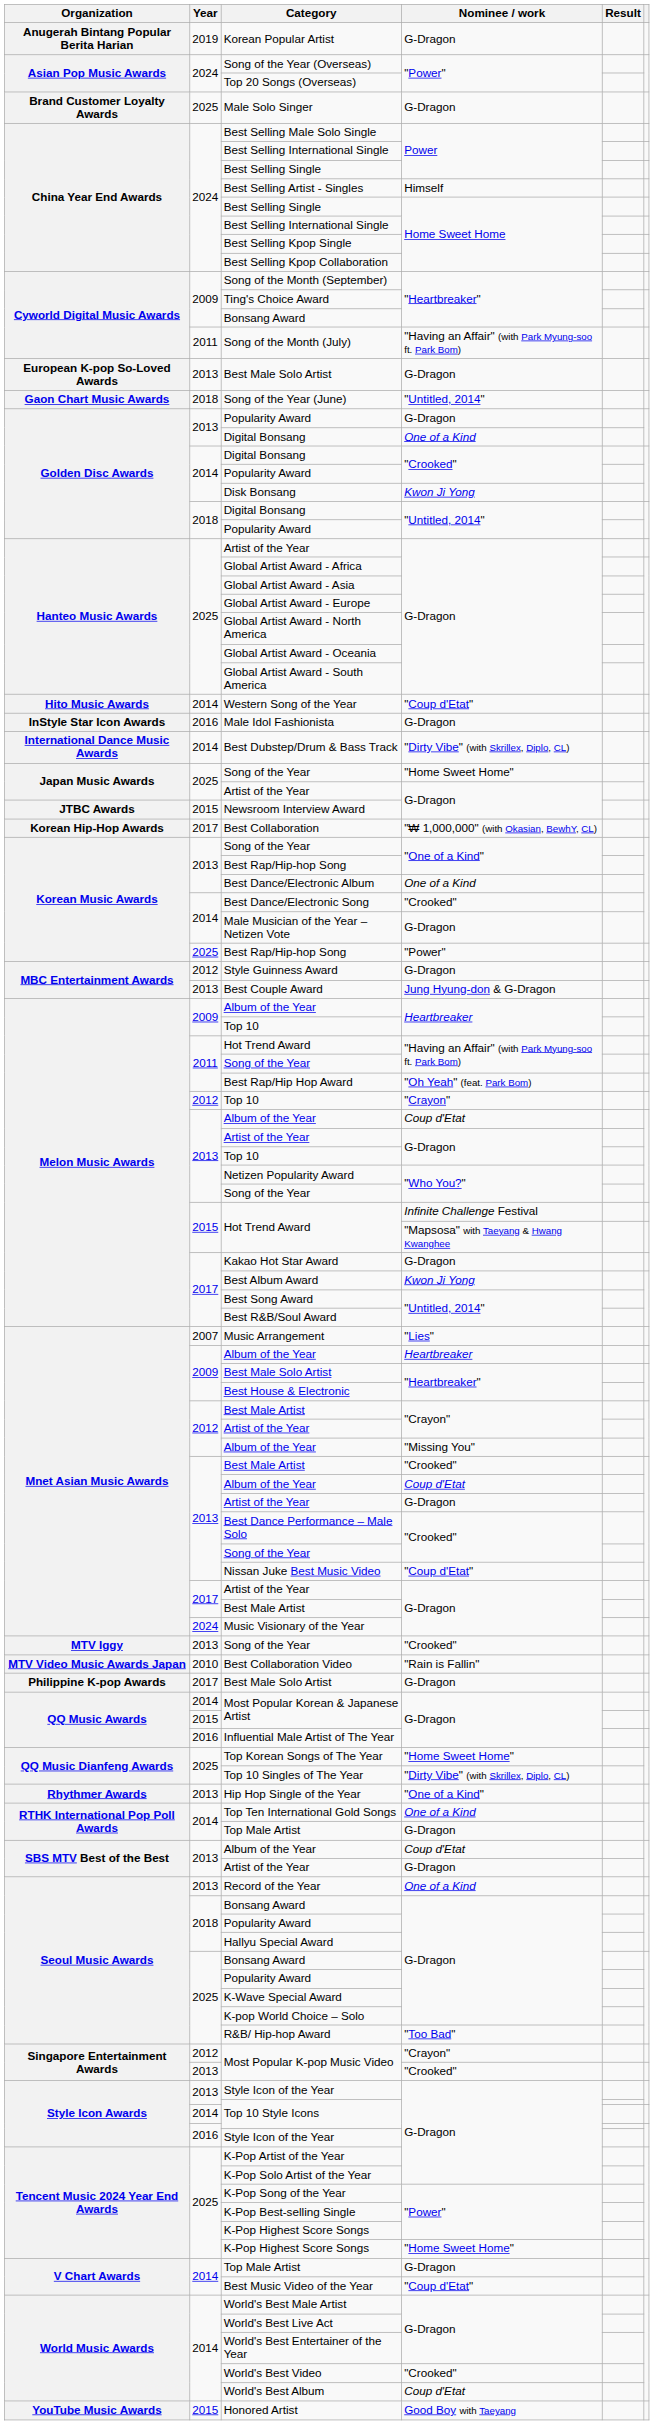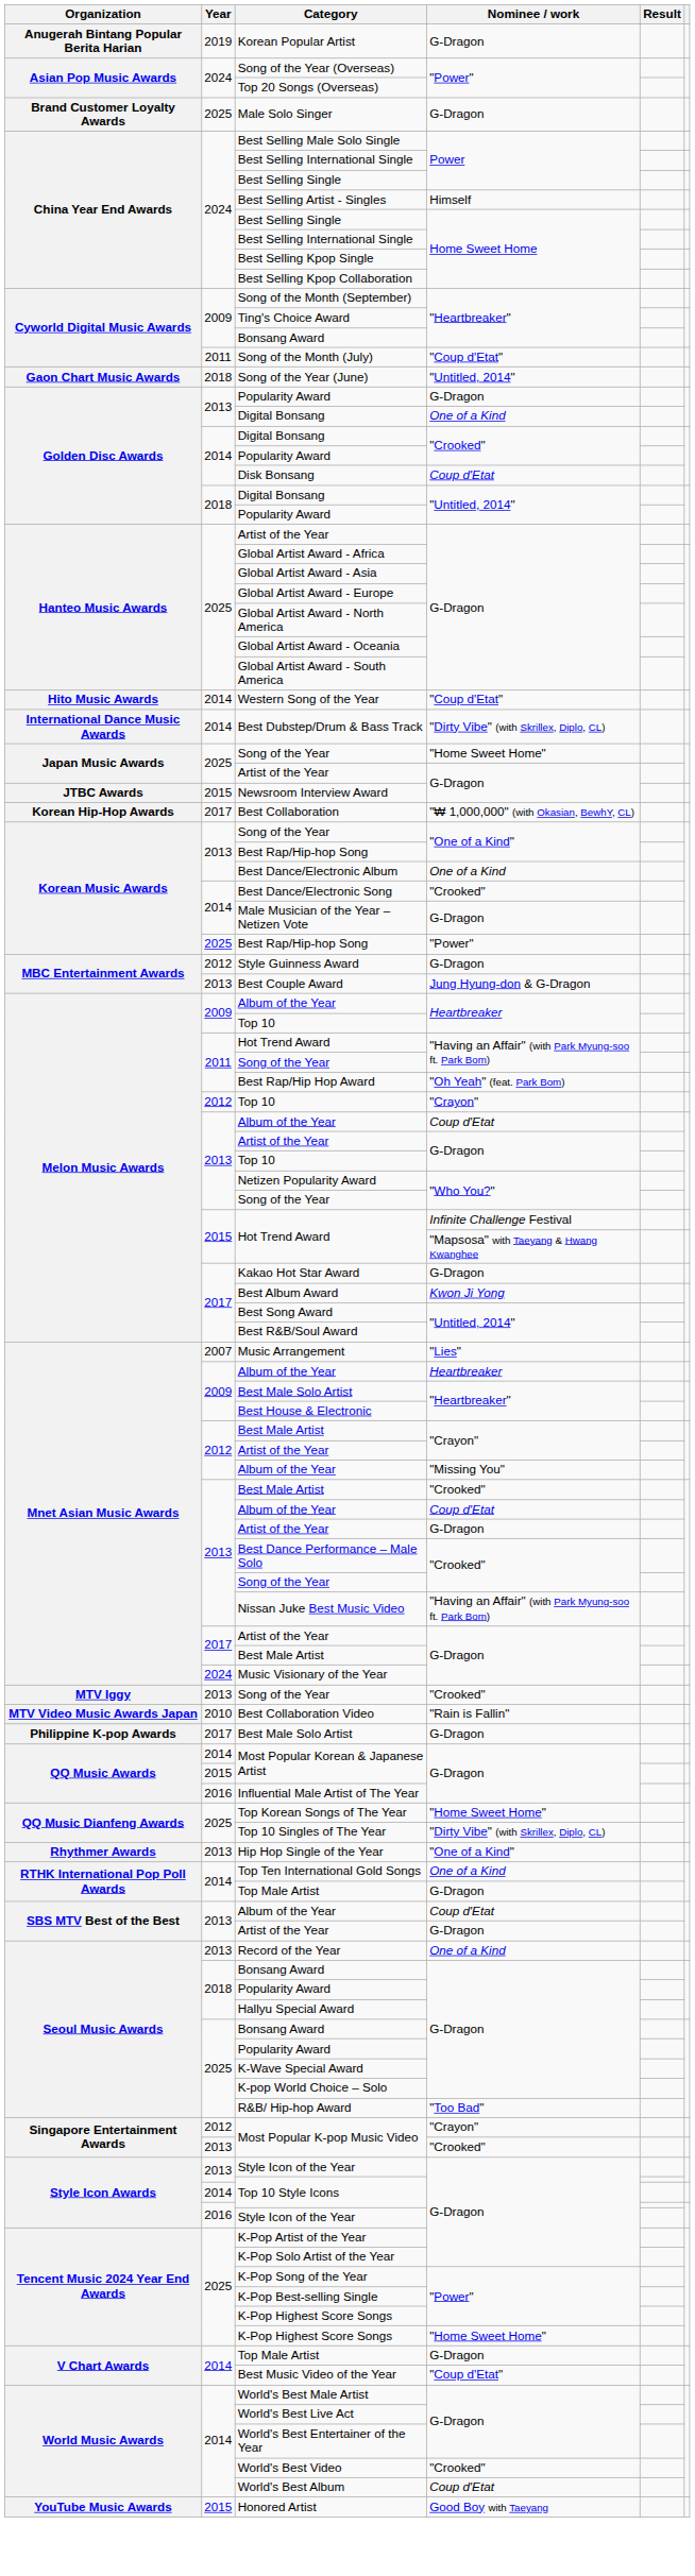 <table class="sortable wikitable plainrowheaders" width="100%">
 <tr>
 <th scope="col">Organization</th>
 <th scope="col">Year</th>
 <th scope="col">Category</th>
 <th scope="col">Nominee / work</th>
 <th scope="col">Result</th>
 <th scope="col" class="unsortable"></th>
 </tr>
 <tr>
 <th scope="row">Anugerah Bintang Popular Berita Harian</th>
 <td align="center">2019</td>
 <td>Korean Popular Artist</td>
 <td>G-Dragon</td>
 <td></td>
 <td></td>
 </tr>
 <tr>
 <th scope="row" rowspan="2"><a href='#'>Asian Pop Music Awards</a></th>
 <td align="center" rowspan="2">2024</td>
 <td>Song of the Year (Overseas)</td>
 <td rowspan="2">"<a href='#'>Power</a>"</td>
 <td></td>
 <td align="center" rowspan="2"></td>
 </tr>
 <tr>
 <td>Top 20 Songs (Overseas)</td>
 <td></td>
 </tr>
 <tr>
 <th scope="row">Brand Customer Loyalty Awards</th>
 <td align="center">2025</td>
 <td>Male Solo Singer</td>
 <td>G-Dragon</td>
 <td></td>
 <td align="center"></td>
 </tr>
 <tr>
 <th rowspan="8" scope="row">China Year End Awards</th>
 <td align="center" rowspan="8">2024</td>
 <td>Best Selling Male Solo Single</td>
 <td rowspan="3"><a href='#'>Power</a></td>
 <td></td>
 <td></td>
 </tr>
 <tr>
 <td>Best Selling International Single</td>
 <td></td>
 <td></td>
 </tr>
 <tr>
 <td>Best Selling Single</td>
 <td></td>
 <td></td>
 </tr>
 <tr>
 <td>Best Selling Artist - Singles</td>
 <td>Himself</td>
 <td></td>
 <td></td>
 </tr>
 <tr>
 <td>Best Selling Single</td>
 <td rowspan="4"><a href='#'>Home Sweet Home</a></td>
 <td></td>
 <td></td>
 </tr>
 <tr>
 <td>Best Selling International Single</td>
 <td></td>
 <td></td>
 </tr>
 <tr>
 <td>Best Selling Kpop Single</td>
 <td></td>
 <td></td>
 </tr>
 <tr>
 <td>Best Selling Kpop Collaboration</td>
 <td></td>
 <td></td>
 </tr>
 <tr>
 <th rowspan="4" scope="row"><a href='#'>Cyworld Digital Music Awards</a></th>
 <td align="center" rowspan="3">2009</td>
 <td>Song of the Month (September)</td>
 <td rowspan="3">"<a href='#'>Heartbreaker</a>"</td>
 <td></td>
 <td></td>
 </tr>
 <tr>
 <td>Ting's Choice Award</td>
 <td></td>
 <td align="center" rowspan="2"></td>
 </tr>
 <tr>
 <td>Bonsang Award</td>
 <td></td>
 </tr>
 <tr>
 <td align="center">2011</td>
 <td>Song of the Month (July)</td>
-<td>"Having an Affair" <small>(with <a href='#'>Park Myung-soo</a> ft. <a href='#'>Park Bom</a>)</small></td>
-<td></td>
-<td align="center"></td>
-</tr>
-<tr>
-<th scope="row">European K-pop So-Loved Awards</th>
-<td align="center">2013</td>
-<td>Best Male Solo Artist</td>
-<td>G-Dragon</td>
+<td rowspan="1">"<a href='#'>Coup d'Etat</a>"</td>
 <td></td>
 <td align="center"></td>
 </tr>
 <tr>
 <th scope="row"><a href='#'>Gaon Chart Music Awards</a></th>
 <td align="center">2018</td>
 <td>Song of the Year (June)</td>
 <td>"<a href='#'>Untitled, 2014</a>"</td>
 <td></td>
 <td style="text-align:center"></td>
 </tr>
 <tr>
 <th scope="row" rowspan="7"><a href='#'>Golden Disc Awards</a></th>
 <td align="center" rowspan="2">2013</td>
 <td>Popularity Award</td>
 <td>G-Dragon</td>
 <td></td>
 <td align="center" rowspan="2"></td>
 </tr>
 <tr>
 <td>Digital Bonsang</td>
 <td><a href='#'><em>One of a Kind</em></a></td>
 <td></td>
 </tr>
 <tr>
 <td align="center" rowspan="3">2014</td>
 <td>Digital Bonsang</td>
 <td rowspan="2">"<a href='#'>Crooked</a>"</td>
 <td></td>
 <td align="center" rowspan="3"></td>
 </tr>
 <tr>
 <td>Popularity Award</td>
 <td></td>
 </tr>
 <tr>
 <td>Disk Bonsang</td>
-<td><em><a href='#'>Kwon Ji Yong</a></em></td>
+<td><em><a href='#'>Coup d'Etat</a></em></td>
 <td></td>
 </tr>
 <tr>
 <td align="center" rowspan="2">2018</td>
 <td>Digital Bonsang</td>
 <td rowspan="2">"<a href='#'>Untitled, 2014</a>"</td>
 <td></td>
 <td align="center" rowspan="2"></td>
 </tr>
 <tr>
 <td>Popularity Award</td>
 <td></td>
 </tr>
 <tr>
 <th scope="row" rowspan="7"><a href='#'>Hanteo Music Awards</a></th>
 <td style="text-align:center" rowspan="7">2025</td>
 <td>Artist of the Year</td>
 <td rowspan="7">G-Dragon</td>
 <td></td>
 <td style="text-align:center"></td>
 </tr>
 <tr>
 <td>Global Artist Award - Africa</td>
 <td></td>
 </tr>
 <tr>
 <td>Global Artist Award - Asia</td>
 <td></td>
 </tr>
 <tr>
 <td>Global Artist Award - Europe</td>
 <td></td>
 </tr>
 <tr>
 <td>Global Artist Award - North America</td>
 <td></td>
 </tr>
 <tr>
 <td>Global Artist Award - Oceania</td>
 <td></td>
 </tr>
 <tr>
 <td>Global Artist Award - South America</td>
 <td></td>
 </tr>
 <tr>
 <th scope="row"><a href='#'>Hito Music Awards</a></th>
 <td style="text-align:center">2014</td>
 <td>Western Song of the Year</td>
 <td>"<a href='#'>Coup d'Etat</a>"</td>
-<td></td>
-<td style="text-align:center"></td>
-</tr>
-<tr>
-<th scope="row">InStyle Star Icon Awards </th>
-<td style="text-align:center">2016</td>
-<td>Male Idol Fashionista</td>
-<td>G-Dragon</td>
 <td></td>
 <td style="text-align:center"></td>
 </tr>
 <tr>
 <th scope="row"><a href='#'>International Dance Music Awards</a></th>
 <td style="text-align:center">2014</td>
 <td>Best Dubstep/Drum & Bass Track</td>
 <td>"<a href='#'>Dirty Vibe</a>" <small>(with <a href='#'>Skrillex</a>, <a href='#'>Diplo</a>, <a href='#'>CL</a>)</small></td>
 <td></td>
 <td style="text-align:center"></td>
 </tr>
 <tr>
 <th scope="row" rowspan="2">Japan Music Awards</th>
 <td rowspan="2" style="text-align:center">2025</td>
 <td>Song of the Year</td>
 <td>"Home Sweet Home"</td>
 <td></td>
 <td rowspan="2" style="text-align:center"></td>
 </tr>
 <tr>
 <td>Artist of the Year</td>
 <td rowspan="2">G-Dragon</td>
 <td></td>
 </tr>
 <tr>
 <th scope="row">JTBC Awards </th>
 <td style="text-align:center">2015</td>
 <td>Newsroom Interview Award</td>
 <td></td>
 <td style="text-align:center"></td>
 </tr>
 <tr>
 <th scope="row">Korean Hip-Hop Awards</th>
 <td style="text-align:center">2017</td>
 <td>Best Collaboration</td>
 <td>"₩ 1,000,000" <small>(with <a href='#'>Okasian</a>, <a href='#'>BewhY</a>, <a href='#'>CL</a>)</small></td>
 <td></td>
 <td style="text-align:center"></td>
 </tr>
 <tr>
 <th scope="row" rowspan="6"><a href='#'>Korean Music Awards</a></th>
 <td align="center" rowspan="3">2013</td>
 <td>Song of the Year</td>
 <td rowspan="2">"<a href='#'>One of a Kind</a>"</td>
 <td></td>
 <td align="center" rowspan="5"><br></td>
 </tr>
 <tr>
 <td>Best Rap/Hip-hop Song</td>
 <td></td>
 </tr>
 <tr>
 <td>Best Dance/Electronic Album</td>
 <td><em>One of a Kind</em></td>
 <td></td>
 </tr>
 <tr>
 <td align="center" rowspan="2">2014</td>
 <td>Best Dance/Electronic Song</td>
 <td>"Crooked"</td>
 <td></td>
 </tr>
 <tr>
 <td>Male Musician of the Year – Netizen Vote</td>
 <td>G-Dragon</td>
 <td></td>
 </tr>
 <tr>
 <td align="center"><a href='#'>2025</a></td>
 <td>Best Rap/Hip-hop Song</td>
 <td>"Power"</td>
 <td></td>
 <td align="center"></td>
 </tr>
 <tr>
 <th scope="row" rowspan="2"><a href='#'>MBC Entertainment Awards</a></th>
 <td align="center">2012</td>
 <td>Style Guinness Award</td>
 <td>G-Dragon</td>
 <td></td>
 <td></td>
 </tr>
 <tr>
 <td align="center">2013</td>
 <td>Best Couple Award</td>
 <td><a href='#'>Jung Hyung-don</a> & G-Dragon</td>
 <td></td>
 <td></td>
 </tr>
 <tr>
 <th scope="row" rowspan="17"><a href='#'>Melon Music Awards</a></th>
 <td align="center" rowspan="2"><a href='#'>2009</a></td>
 <td><a href='#'>Album of the Year</a></td>
 <td rowspan="2"><em><a href='#'>Heartbreaker</a></em></td>
 <td></td>
 <td align="center" rowspan="2"></td>
 </tr>
 <tr>
 <td>Top 10</td>
 <td></td>
 </tr>
 <tr>
 <td align="center" rowspan="3"><a href='#'>2011</a></td>
 <td>Hot Trend Award</td>
 <td rowspan="2">"Having an Affair" <small>(with <a href='#'>Park Myung-soo</a> ft. <a href='#'>Park Bom</a>)</small></td>
 <td></td>
 <td align="center"></td>
 </tr>
 <tr>
 <td><a href='#'>Song of the Year</a></td>
 <td></td>
 <td></td>
 </tr>
 <tr>
 <td>Best Rap/Hip Hop Award</td>
 <td>"<a href='#'>Oh Yeah</a>" <small>(feat. <a href='#'>Park Bom</a>)</small></td>
 <td></td>
 <td style="text-align:center;"></td>
 </tr>
 <tr>
 <td align="center"><a href='#'>2012</a></td>
 <td>Top 10</td>
 <td>"<a href='#'>Crayon</a>"</td>
 <td></td>
 <td></td>
 </tr>
 <tr>
 <td align="center" rowspan="5"><a href='#'>2013</a></td>
 <td><a href='#'>Album of the Year</a></td>
 <td><em>Coup d'Etat</em></td>
 <td></td>
 <td align="center" rowspan="5"></td>
 </tr>
 <tr>
 <td><a href='#'>Artist of the Year</a></td>
 <td rowspan="2">G-Dragon</td>
 <td></td>
 </tr>
 <tr>
 <td>Top 10</td>
 <td></td>
 </tr>
 <tr>
 <td>Netizen Popularity Award</td>
 <td rowspan="2">"<a href='#'>Who You?</a>"</td>
 <td></td>
 </tr>
 <tr>
 <td>Song of the Year</td>
 <td></td>
 </tr>
 <tr>
 <td align="center"  rowspan="2"><a href='#'>2015</a></td>
 <td rowspan="2">Hot Trend Award</td>
 <td><em>Infinite Challenge</em> Festival</td>
 <td></td>
 <td></td>
 </tr>
 <tr>
 <td>"Mapsosa" <small> with <a href='#'>Taeyang</a> & <a href='#'>Hwang Kwanghee</a></small></td>
 <td></td>
 <td></td>
 </tr>
 <tr>
 <td align="center" rowspan="4"><a href='#'>2017</a></td>
 <td>Kakao Hot Star Award</td>
 <td>G-Dragon</td>
 <td></td>
 <td></td>
 </tr>
 <tr>
 <td>Best Album Award</td>
 <td><em><a href='#'>Kwon Ji Yong</a></em></td>
 <td></td>
 <td rowspan=3></td>
 </tr>
 <tr>
 <td>Best Song Award</td>
 <td rowspan="2">"<a href='#'>Untitled, 2014</a>"</td>
 <td></td>
 </tr>
 <tr>
 <td>Best R&B/Soul Award</td>
 <td></td>
 </tr>
 <tr>
 <th scope="row" rowspan="16"><a href='#'>Mnet Asian Music Awards</a></th>
 <td align="center">2007</td>
 <td>Music Arrangement</td>
 <td>"<a href='#'>Lies</a>"</td>
 <td></td>
 <td align="center"></td>
 </tr>
 <tr>
 <td align="center" rowspan="3"><a href='#'>2009</a></td>
 <td><a href='#'>Album of the Year</a></td>
 <td><em><a href='#'>Heartbreaker</a></em></td>
 <td></td>
 <td align="center"></td>
 </tr>
 <tr>
 <td><a href='#'>Best Male Solo Artist</a></td>
 <td rowspan="2">"<a href='#'>Heartbreaker</a>"</td>
 <td></td>
 <td align="center" rowspan="2"></td>
 </tr>
 <tr>
 <td><a href='#'>Best House & Electronic</a></td>
 <td></td>
 </tr>
 <tr>
 <td align="center" rowspan="3"><a href='#'>2012</a></td>
 <td><a href='#'>Best Male Artist</a></td>
 <td rowspan="2">"Crayon"</td>
 <td></td>
 <td align="center" rowspan="3"></td>
 </tr>
 <tr>
 <td><a href='#'>Artist of the Year</a></td>
 <td></td>
 </tr>
 <tr>
 <td><a href='#'>Album of the Year</a></td>
 <td>"Missing You"</td>
 <td></td>
 </tr>
 <tr>
 <td align="center" rowspan="6"><a href='#'>2013</a></td>
 <td><a href='#'>Best Male Artist</a></td>
 <td>"Crooked"</td>
 <td></td>
 <td align="center" rowspan="6"></td>
 </tr>
 <tr>
 <td><a href='#'>Album of the Year</a></td>
 <td><em><a href='#'>Coup d'Etat</a></em></td>
 <td></td>
 </tr>
 <tr>
 <td><a href='#'>Artist of the Year</a></td>
 <td>G-Dragon</td>
 <td></td>
 </tr>
 <tr>
 <td><a href='#'>Best Dance Performance – Male Solo</a></td>
 <td rowspan="2">"Crooked"</td>
 <td></td>
 </tr>
 <tr>
 <td><a href='#'>Song of the Year</a></td>
 <td></td>
 </tr>
 <tr>
 <td>Nissan Juke <a href='#'>Best Music Video</a></td>
-<td rowspan="1">"<a href='#'>Coup d'Etat</a>"</td>
+<td>"Having an Affair" <small>(with <a href='#'>Park Myung-soo</a> ft. <a href='#'>Park Bom</a>)</small></td>
 <td></td>
 </tr>
 <tr>
 <td align="center" rowspan="2"><a href='#'>2017</a></td>
 <td>Artist of the Year</td>
 <td rowspan="3">G-Dragon</td>
 <td></td>
 <td rowspan="2"></td>
 </tr>
 <tr>
 <td>Best Male Artist</td>
 <td></td>
 </tr>
 <tr>
 <td align="center"><a href='#'>2024</a></td>
 <td>Music Visionary of the Year</td>
 <td></td>
 <td></td>
 </tr>
 <tr>
 <th scope="row"><a href='#'>MTV Iggy</a></th>
 <td align="center">2013</td>
 <td>Song of the Year</td>
 <td>"Crooked"</td>
 <td></td>
 <td align="center"></td>
 </tr>
 <tr>
 <th scope="row"><a href='#'>MTV Video Music Awards Japan</a></th>
 <td align="center">2010</td>
 <td>Best Collaboration Video</td>
 <td>"Rain is Fallin"</td>
 <td></td>
 <td align="center"></td>
 </tr>
 <tr>
 <th scope="row">Philippine K-pop Awards </th>
 <td style="text-align:center">2017</td>
 <td>Best Male Solo Artist</td>
 <td>G-Dragon</td>
 <td></td>
 <td style="text-align:center"></td>
 </tr>
 <tr>
 <th scope="row" rowspan="3"><a href='#'>QQ Music Awards</a> </th>
 <td style="text-align:center">2014</td>
 <td rowspan="2">Most Popular Korean & Japanese Artist</td>
 <td rowspan="3">G-Dragon</td>
 <td></td>
 <td style="text-align:center"></td>
 </tr>
 <tr>
 <td style="text-align:center">2015</td>
 <td></td>
 <td></td>
 </tr>
 <tr>
 <td style="text-align:center">2016</td>
 <td>Influential Male Artist of The Year</td>
 <td></td>
 <td style="text-align:center"></td>
 </tr>
 <tr>
 <th scope="row" rowspan="2"><a href='#'>QQ Music Dianfeng Awards</a></th>
 <td style="text-align:center" rowspan="2">2025</td>
 <td>Top Korean Songs of The Year</td>
 <td>"<a href='#'>Home Sweet Home</a>"</td>
 <td></td>
 <td style="text-align:center" rowspan="2"></td>
 </tr>
 <tr>
 <td>Top 10 Singles of The Year</td>
 <td>"<a href='#'>Dirty Vibe</a>" <small>(with <a href='#'>Skrillex</a>, <a href='#'>Diplo</a>, <a href='#'>CL</a>)</small></td>
 <td></td>
 </tr>
 <tr>
 <th scope="row"><a href='#'>Rhythmer Awards</a></th>
 <td align="center">2013</td>
 <td>Hip Hop Single of the Year</td>
 <td>"<a href='#'>One of a Kind</a>"</td>
 <td></td>
 <td style="text-align:center"></td>
 </tr>
 <tr>
 <th scope="row" rowspan="2"><a href='#'>RTHK International Pop Poll Awards</a></th>
 <td align="center" rowspan="2">2014</td>
 <td>Top Ten International Gold Songs</td>
 <td><em><a href='#'>One of a Kind</a></em></td>
 <td></td>
 <td align="center" rowspan="2"></td>
 </tr>
 <tr>
 <td>Top Male Artist</td>
 <td>G-Dragon</td>
 <td></td>
 </tr>
 <tr>
 <th scope="row" rowspan="2"><a href='#'>SBS MTV</a> Best of the Best</th>
 <td rowspan="2" align="center">2013</td>
 <td>Album of the Year</td>
 <td><em>Coup d'Etat</em></td>
 <td></td>
 <td align="center" rowspan="2"></td>
 </tr>
 <tr>
 <td>Artist of the Year</td>
 <td>G-Dragon</td>
 <td></td>
 </tr>
 <tr>
 <th scope="row" rowspan="9"><a href='#'>Seoul Music Awards</a></th>
 <td align="center">2013</td>
 <td>Record of the Year</td>
 <td><a href='#'><em>One of a Kind</em></a></td>
 <td></td>
 <td align="center"></td>
 </tr>
 <tr>
 <td align="center" rowspan="3">2018</td>
 <td>Bonsang Award</td>
 <td rowspan="7">G-Dragon</td>
 <td></td>
 <td align="center" rowspan="3"></td>
 </tr>
 <tr>
 <td>Popularity Award</td>
 <td></td>
 </tr>
 <tr>
 <td>Hallyu Special Award</td>
 <td></td>
 </tr>
 <tr>
 <td align="center" rowspan="5">2025</td>
 <td>Bonsang Award</td>
 <td></td>
 <td align="center" rowspan="5"></td>
 </tr>
 <tr>
 <td>Popularity Award</td>
 <td></td>
 </tr>
 <tr>
 <td>K-Wave Special Award</td>
 <td></td>
 </tr>
 <tr>
 <td>K-pop World Choice – Solo</td>
 <td></td>
 </tr>
 <tr>
 <td>R&B/ Hip-hop Award</td>
 <td>"<a href='#'>Too Bad</a>"</td>
 <td></td>
 </tr>
 <tr>
 <th scope="row" rowspan="2">Singapore Entertainment Awards</th>
 <td align="center">2012</td>
 <td rowspan="2">Most Popular K-pop Music Video</td>
 <td>"Crayon"</td>
 <td></td>
 <td></td>
 </tr>
 <tr>
 <td align="center">2013</td>
 <td>"Crooked"</td>
 <td></td>
 <td></td>
 </tr>
 <tr>
 <th rowspan="5" scope="row"><a href='#'>Style Icon Awards</a></th>
 <td rowspan="2" align="center">2013</td>
 <td>Style Icon of the Year</td>
 <td rowspan="7">G-Dragon</td>
 <td></td>
 <td rowspan="2" align="center"></td>
 </tr>
 <tr>
 <td rowspan="3">Top 10 Style Icons</td>
 <td></td>
 </tr>
 <tr>
 <td align="center">2014</td>
 <td></td>
 <td align="center"></td>
 </tr>
 <tr>
 <td align="center" rowspan="2">2016</td>
 <td></td>
 <td align="center" rowspan="2"></td>
 </tr>
 <tr>
 <td>Style Icon of the Year</td>
 <td></td>
 </tr>
 <tr>
 <th scope="row" rowspan="6"><a href='#'>Tencent Music 2024 Year End Awards</a></th>
 <td align="center"  rowspan="6">2025</td>
 <td>K-Pop Artist of the Year</td>
 <td></td>
 <td align="center" rowspan="6"></td>
 </tr>
 <tr>
 <td>K-Pop Solo Artist of the Year</td>
 <td></td>
 </tr>
 <tr>
 <td>K-Pop Song of the Year</td>
 <td rowspan="3">"<a href='#'>Power</a>"</td>
 <td></td>
 </tr>
 <tr>
 <td>K-Pop Best-selling Single</td>
 <td></td>
 </tr>
 <tr>
 <td>K-Pop Highest Score Songs</td>
 <td></td>
 </tr>
 <tr>
 <td>K-Pop Highest Score Songs</td>
 <td>"<a href='#'>Home Sweet Home</a>"</td>
 <td></td>
 </tr>
 <tr>
 <th scope="row" rowspan="2"><a href='#'>V Chart Awards</a></th>
 <td align="center"  rowspan="2"><a href='#'>2014</a></td>
 <td>Top Male Artist</td>
 <td>G-Dragon</td>
 <td></td>
 <td align="center" rowspan="2"></td>
 </tr>
 <tr>
 <td>Best Music Video of the Year</td>
 <td>"<a href='#'>Coup d'Etat</a>"</td>
 <td></td>
 </tr>
 <tr>
 <th scope="row" rowspan="5"><a href='#'>World Music Awards</a></th>
 <td align="center" rowspan="5">2014</td>
 <td>World's Best Male Artist</td>
 <td rowspan="3">G-Dragon</td>
 <td></td>
 <td align="center" rowspan="5"></td>
 </tr>
 <tr>
 <td>World's Best Live Act</td>
 <td></td>
 </tr>
 <tr>
 <td>World's Best Entertainer of the Year</td>
 <td></td>
 </tr>
 <tr>
 <td>World's Best Video</td>
 <td>"Crooked"</td>
 <td></td>
 </tr>
 <tr>
 <td>World's Best Album</td>
 <td><em>Coup d'Etat</em></td>
 <td></td>
 </tr>
 <tr>
 <th scope="row"><a href='#'>YouTube Music Awards</a></th>
 <td style="text-align:center;" rowspan="4"><a href='#'>2015</a></td>
 <td>Honored Artist</td>
 <td><a href='#'>Good Boy</a> <small> with <a href='#'>Taeyang</a> </small></td>
 <td></td>
 <td style="text-align:center;"></td>
 </tr>
 </table>
